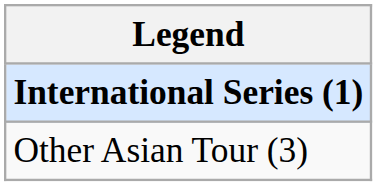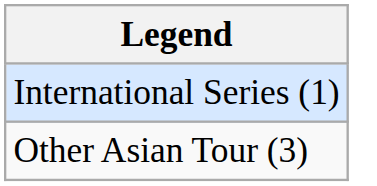 <table class="wikitable" style="font-size:95%;">
 <tr>
 <th>Legend</th>
 </tr>
 <tr style="background:#D6E8FF;">
-<td><strong>International Series (1)</strong></td>
+<td>International Series (1)</td>
 </tr>
 <tr>
 <td>Other Asian Tour (3)</td>
 </tr>
 </table>
